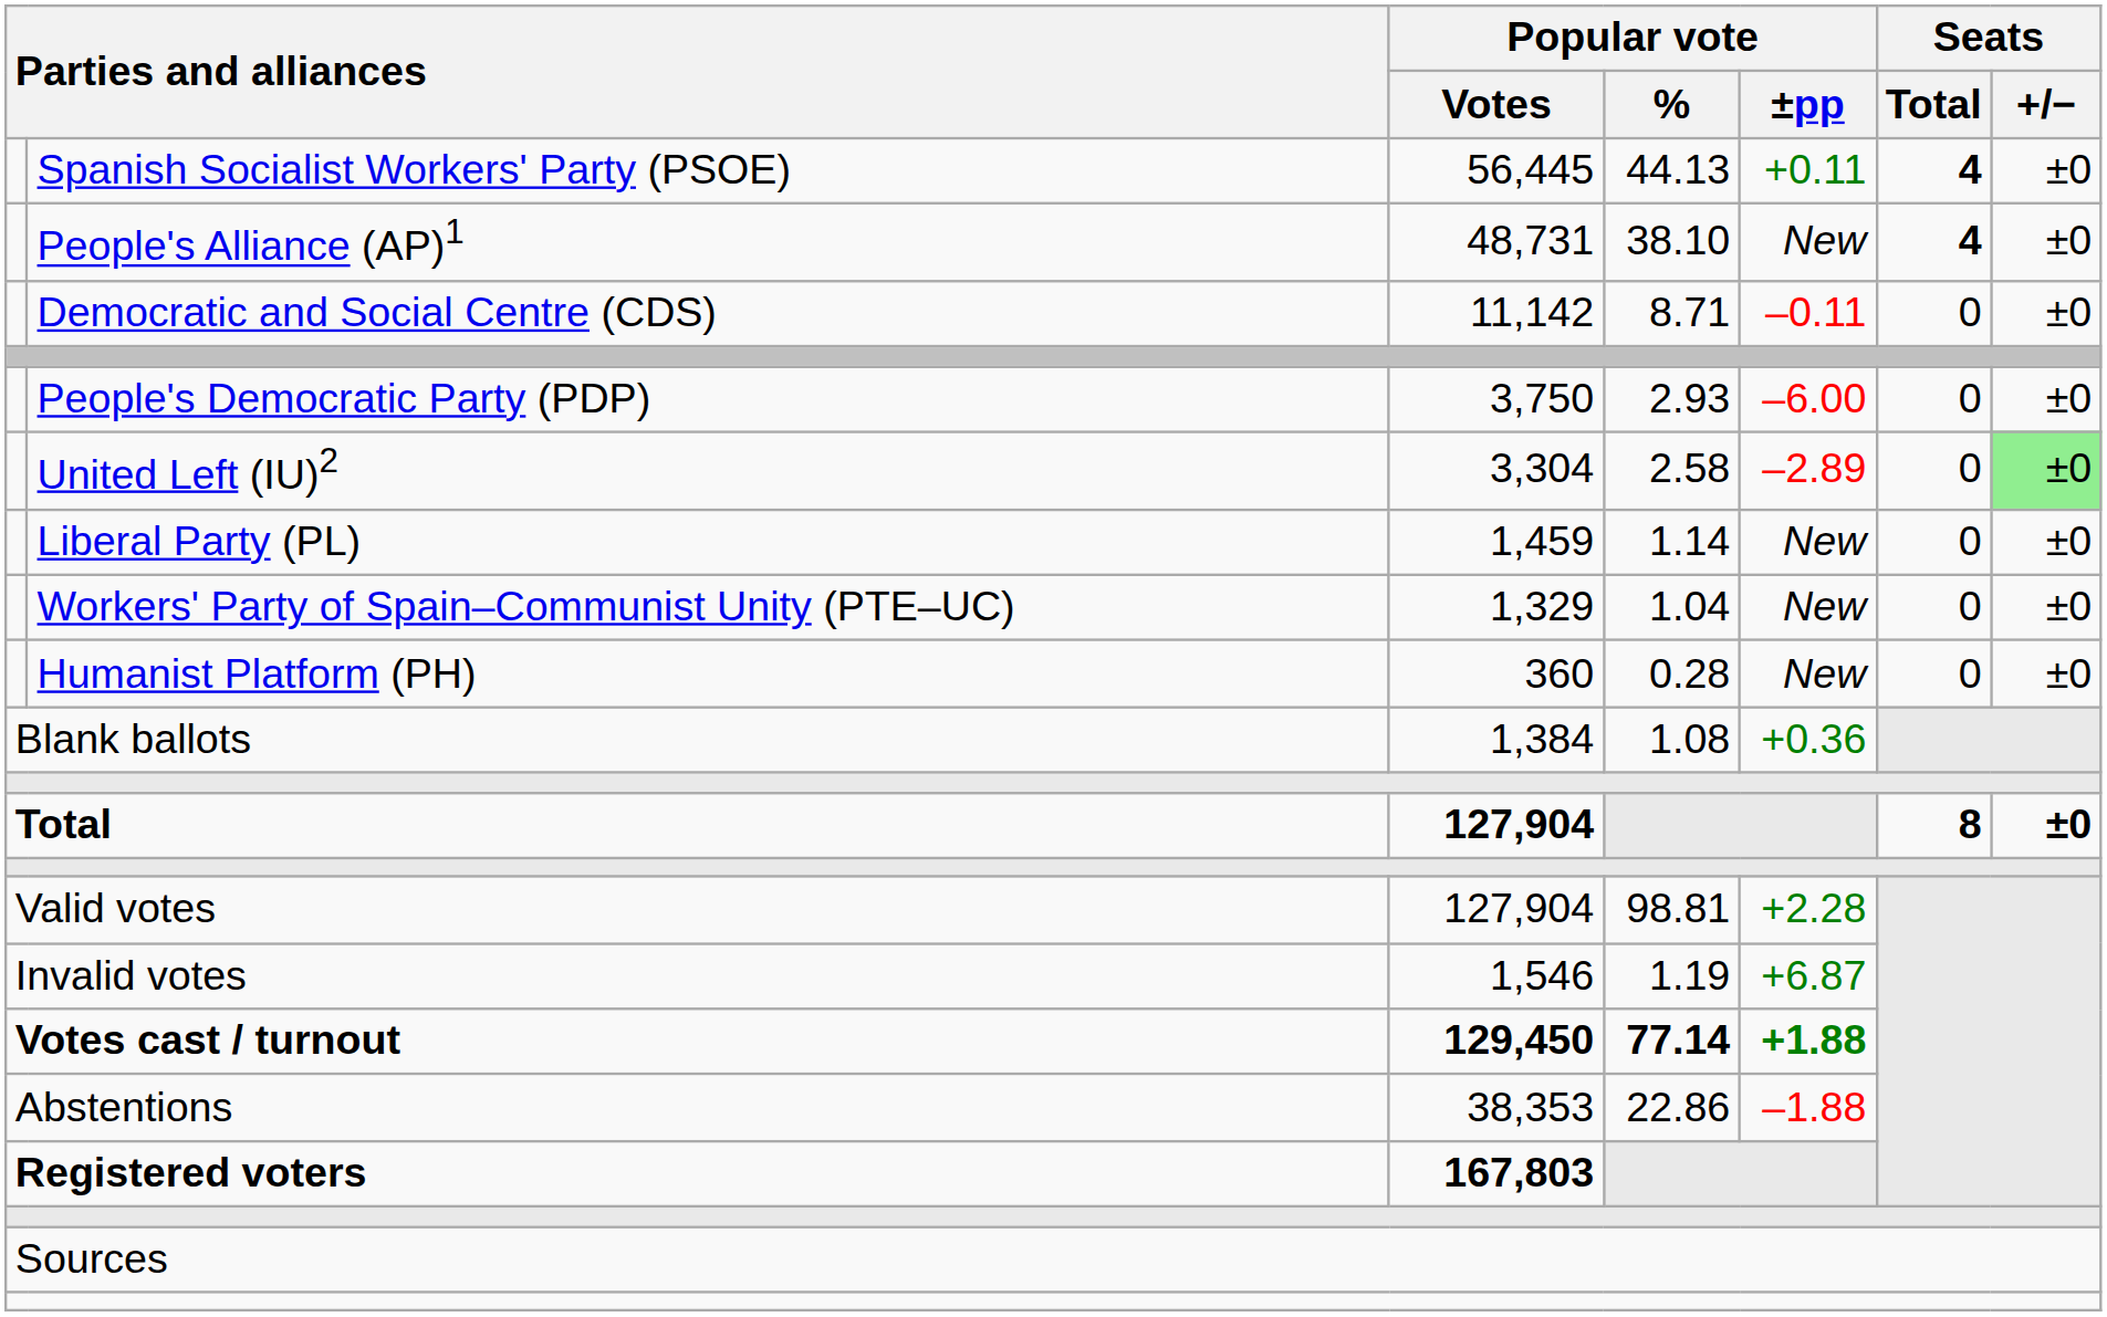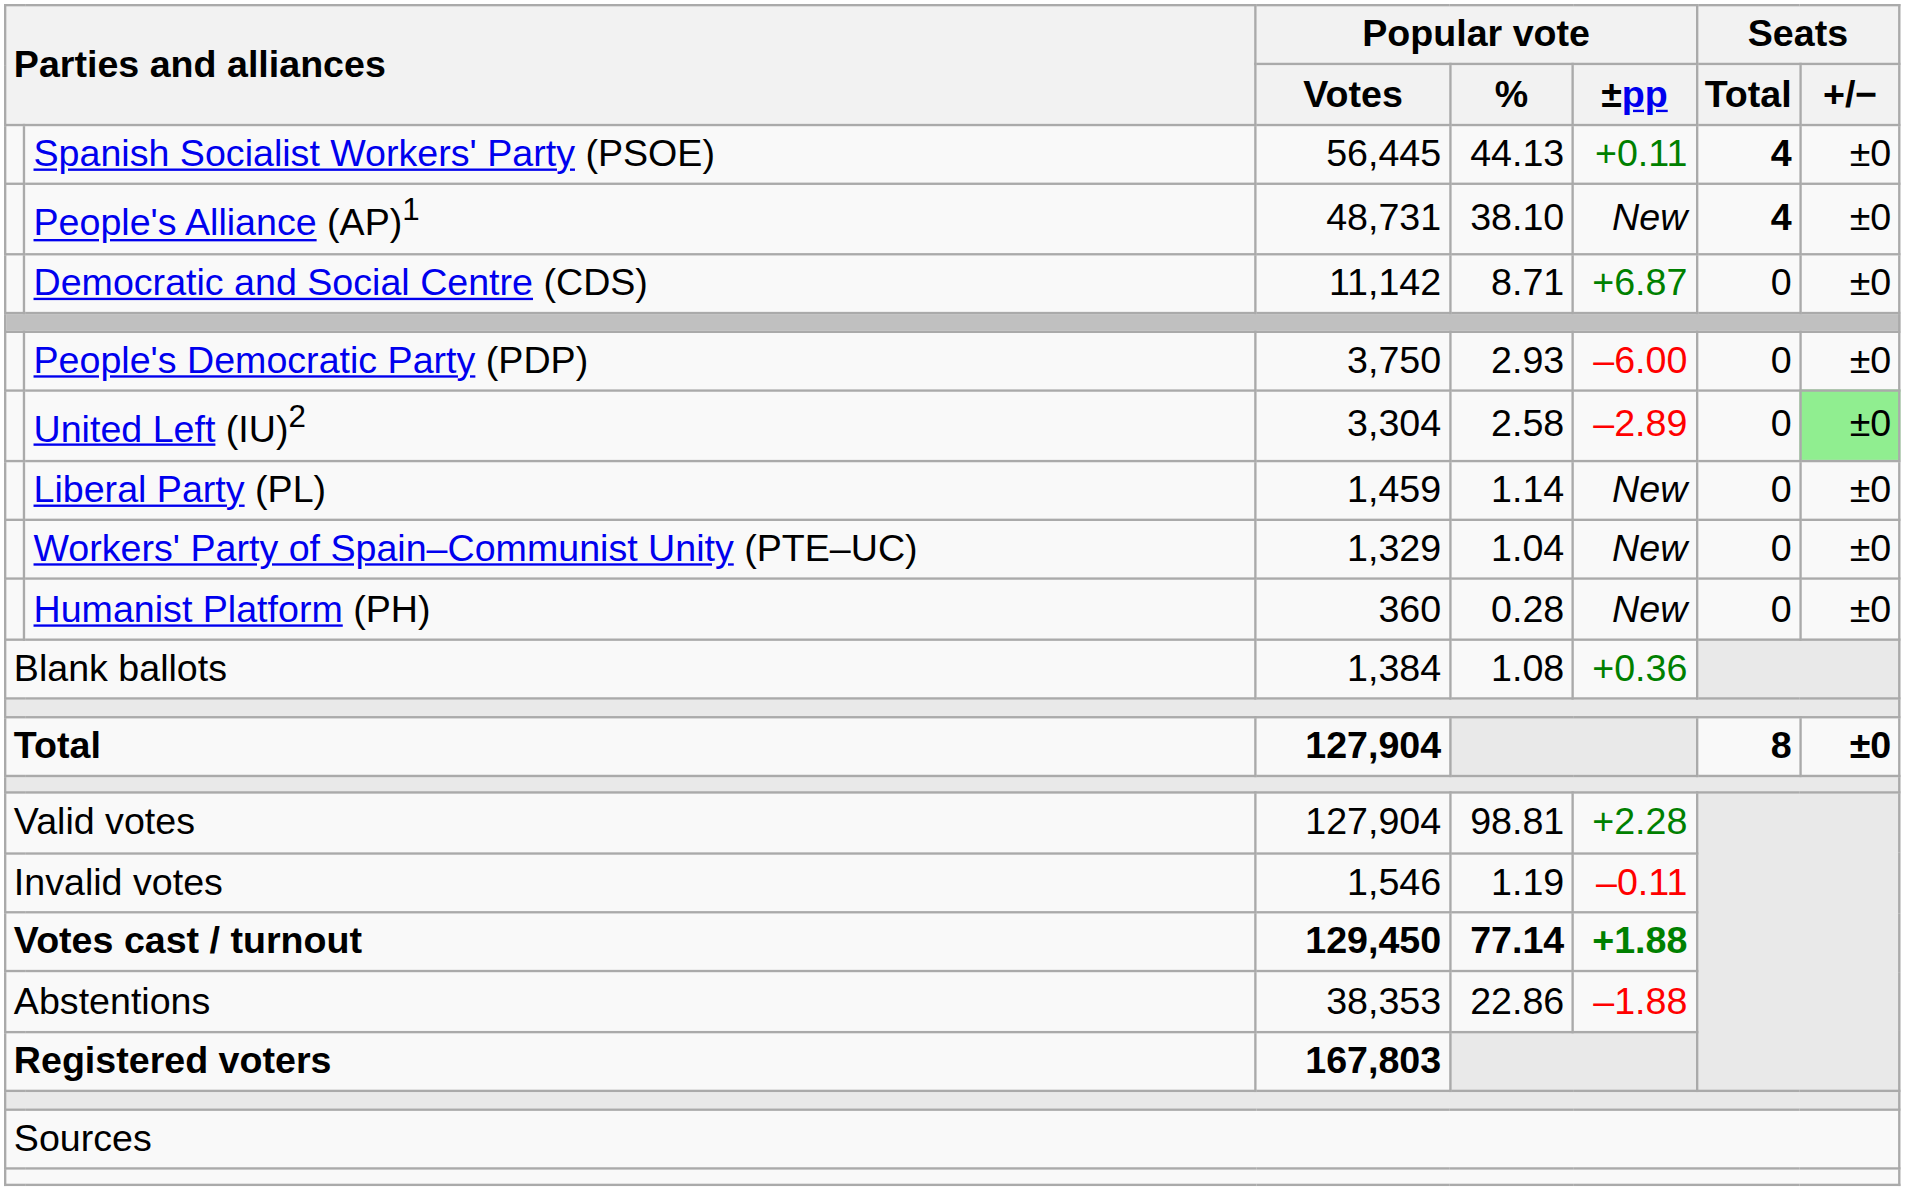 <table class="wikitable" style="text-align:right;">
 <tr>
 <th style="text-align:left;" rowspan="2" colspan="2" width="525">Parties and alliances</th>
 <th colspan="3">Popular vote</th>
 <th colspan="2">Seats</th>
 </tr>
 <tr>
 <th width="75">Votes</th>
 <th width="45">%</th>
 <th width="45">±<a href='#'>pp</a></th>
 <th width="35">Total</th>
 <th width="35">+/−</th>
 </tr>
 <tr>
 <td width="1" style="color:inherit;background:"></td>
 <td align="left"><a href='#'>Spanish Socialist Workers' Party</a> (PSOE)</td>
 <td>56,445</td>
 <td>44.13</td>
 <td style="color:green;">+0.11</td>
 <td><strong>4</strong></td>
 <td>±0</td>
 </tr>
 <tr>
 <td style="color:inherit;background:"></td>
 <td align="left"><a href='#'>People's Alliance</a> (AP)<sup>1</sup></td>
 <td>48,731</td>
 <td>38.10</td>
 <td><em>New</em></td>
 <td><strong>4</strong></td>
 <td>±0</td>
 </tr>
 <tr>
 <td style="color:inherit;background:"></td>
 <td align="left"><a href='#'>Democratic and Social Centre</a> (CDS)</td>
 <td>11,142</td>
 <td>8.71</td>
-<td style="color:red;">–0.11</td>
+<td style="color:green;">+6.87</td>
 <td>0</td>
 <td>±0</td>
 </tr>
 <tr>
 <td colspan="7" bgcolor="#C0C0C0"></td>
 </tr>
 <tr>
 <td style="color:inherit;background:"></td>
 <td align="left"><a href='#'>People's Democratic Party</a> (PDP)</td>
 <td>3,750</td>
 <td>2.93</td>
 <td style="color:red;">–6.00</td>
 <td>0</td>
 <td>±0</td>
 </tr>
 <tr>
 <td style="color:inherit;background:"></td>
 <td align="left"><a href='#'>United Left</a> (IU)<sup>2</sup></td>
 <td>3,304</td>
 <td>2.58</td>
 <td style="color:red;">–2.89</td>
 <td>0</td>
 <td style="background: lightgreen;">±0</td>
 </tr>
 <tr>
 <td style="color:inherit;background:"></td>
 <td align="left"><a href='#'>Liberal Party</a> (PL)</td>
 <td>1,459</td>
 <td>1.14</td>
 <td><em>New</em></td>
 <td>0</td>
 <td>±0</td>
 </tr>
 <tr>
 <td style="color:inherit;background:"></td>
 <td align="left"><a href='#'>Workers' Party of Spain–Communist Unity</a> (PTE–UC)</td>
 <td>1,329</td>
 <td>1.04</td>
 <td><em>New</em></td>
 <td>0</td>
 <td>±0</td>
 </tr>
 <tr>
 <td style="color:inherit;background:"></td>
 <td align="left"><a href='#'>Humanist Platform</a> (PH)</td>
 <td>360</td>
 <td>0.28</td>
 <td><em>New</em></td>
 <td>0</td>
 <td>±0</td>
 </tr>
 <tr>
 <td align="left" colspan="2">Blank ballots</td>
 <td>1,384</td>
 <td>1.08</td>
 <td style="color:green;">+0.36</td>
 <td bgcolor="#E9E9E9" colspan="2"></td>
 </tr>
 <tr>
 <td colspan="7" bgcolor="#E9E9E9"></td>
 </tr>
 <tr style="font-weight:bold;">
 <td align="left" colspan="2">Total</td>
 <td>127,904</td>
 <td bgcolor="#E9E9E9" colspan="2"></td>
 <td>8</td>
 <td>±0</td>
 </tr>
 <tr>
 <td colspan="7" bgcolor="#E9E9E9"></td>
 </tr>
 <tr>
 <td align="left" colspan="2">Valid votes</td>
 <td>127,904</td>
 <td>98.81</td>
 <td style="color:green;">+2.28</td>
 <td bgcolor="#E9E9E9" colspan="2" rowspan="5"></td>
 </tr>
 <tr>
 <td align="left" colspan="2">Invalid votes</td>
 <td>1,546</td>
 <td>1.19</td>
-<td style="color:green;">+6.87</td>
+<td style="color:red;">–0.11</td>
 </tr>
 <tr style="font-weight:bold;">
 <td align="left" colspan="2">Votes cast / turnout</td>
 <td>129,450</td>
 <td>77.14</td>
 <td style="color:green;">+1.88</td>
 </tr>
 <tr>
 <td align="left" colspan="2">Abstentions</td>
 <td>38,353</td>
 <td>22.86</td>
 <td style="color:red;">–1.88</td>
 </tr>
 <tr style="font-weight:bold;">
 <td align="left" colspan="2">Registered voters</td>
 <td>167,803</td>
 <td bgcolor="#E9E9E9" colspan="2"></td>
 </tr>
 <tr>
 <td colspan="7" bgcolor="#E9E9E9"></td>
 </tr>
 <tr>
 <td align="left" colspan="7">Sources</td>
 </tr>
 <tr>
 <td colspan="7" style="text-align:left; max-width:790px;"></td>
 </tr>
 </table>
